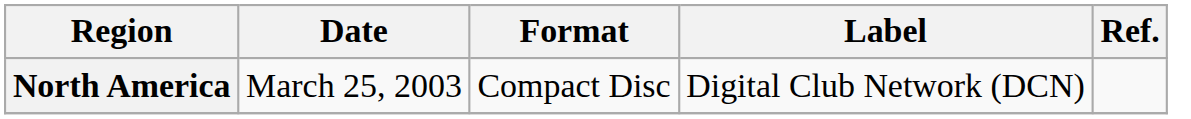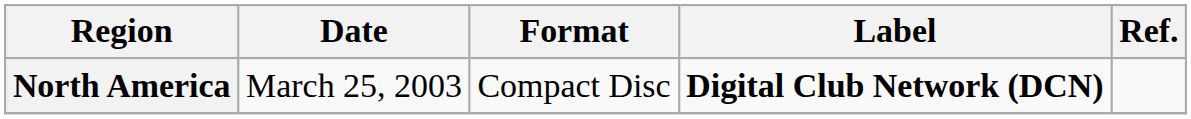 <table class="wikitable plainrowheaders">
 <tr>
 <th scope="col">Region</th>
 <th scope="col">Date</th>
 <th scope="col">Format</th>
 <th scope="col">Label</th>
 <th scope="col">Ref.</th>
 </tr>
 <tr>
 <th scope="row">North America</th>
 <td>March 25, 2003</td>
 <td>Compact Disc</td>
-<td>Digital Club Network (DCN)</td>
+<td><strong>Digital Club Network (DCN)</strong></td>
 <td></td>
 </tr>
 <tr>
 </tr>
 </table>
